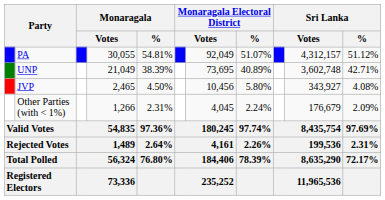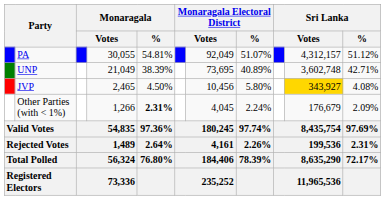 <table class="wikitable">
 <tr>
 <th colspan="2" width="144px"rowspan="2">Party</th>
 <th colspan="3" width="216px">Monaragala</th>
 <th colspan="3" width="216px"><a href='#'>Monaragala Electoral District</a></th>
 <th colspan="3" width="216px">Sri Lanka</th>
 </tr>
 <tr>
 <th colspan="2" width="144px">Votes</th>
 <th>%</th>
 <th colspan="2" width="144px">Votes</th>
 <th>%</th>
 <th colspan="2" width="144px">Votes</th>
 <th>%</th>
 </tr>
 <tr>
 <td style="background-color:blue;" width="10px"></td>
 <td style="text-align:left;"><a href='#'>PA</a></td>
 <td style="background-color:blue;" width="10px"></td>
 <td style="text-align:right;">30,055</td>
 <td style="text-align:right;">54.81%</td>
 <td style="background-color:blue;" width="10px"></td>
 <td style="text-align:right;">92,049</td>
 <td style="text-align:right;">51.07%</td>
 <td style="background-color:blue;" width="10px"></td>
 <td style="text-align:right;">4,312,157</td>
 <td style="text-align:right;">51.12%</td>
 </tr>
 <tr>
 <td style="background-color:green;" width="10px"></td>
 <td style="text-align:left;"><a href='#'>UNP</a></td>
 <td style="background-color:white;" width="10px"></td>
 <td style="text-align:right;">21,049</td>
 <td style="text-align:right;">38.39%</td>
 <td style="background-color:white;" width="10px"></td>
 <td style="text-align:right;">73,695</td>
 <td style="text-align:right;">40.89%</td>
 <td style="background-color:white;" width="10px"></td>
 <td style="text-align:right;">3,602,748</td>
 <td style="text-align:right;">42.71%</td>
 </tr>
 <tr>
 <td style="background-color:red;" width="10px"></td>
 <td style="text-align:left;"><a href='#'>JVP</a></td>
 <td style="background-color:white;" width="10px"></td>
 <td style="text-align:right;">2,465</td>
 <td style="text-align:right;">4.50%</td>
 <td style="background-color:white;" width="10px"></td>
 <td style="text-align:right;">10,456</td>
 <td style="text-align:right;">5.80%</td>
 <td style="background-color:white;" width="10px"></td>
-<td style="text-align:right;">343,927</td>
+<td style="background: gold; text-align:right;">343,927</td>
 <td style="text-align:right;">4.08%</td>
 </tr>
 <tr>
 <td style="background-color:white;" width="10px"></td>
 <td style="text-align:left;">Other Parties (with < 1%)</td>
 <td style="background-color:white;" width="10px"></td>
 <td style="text-align:right;">1,266</td>
-<td style="text-align:right;">2.31%</td>
+<td style="text-align:right;"><strong>2.31%</strong></td>
 <td style="background-color:white;" width="10px"></td>
 <td style="text-align:right;">4,045</td>
 <td style="text-align:right;">2.24%</td>
 <td style="background-color:white;" width="10px"></td>
 <td style="text-align:right;">176,679</td>
 <td style="text-align:right;">2.09%</td>
 </tr>
 <tr>
 <th colspan="2" width="144px"style="text-align:left;">Valid Votes</th>
 <th style="text-align:right;"colspan="2" width="144px">54,835</th>
 <th style="text-align:right;">97.36%</th>
 <th style="text-align:right;"colspan="2" width="144px">180,245</th>
 <th style="text-align:right;">97.74%</th>
 <th style="text-align:right;"colspan="2" width="144px">8,435,754</th>
 <th style="text-align:right;">97.69%</th>
 </tr>
 <tr>
 <th colspan="2" width="144px"style="text-align:left;">Rejected Votes</th>
 <th style="text-align:right;"colspan="2" width="144px">1,489</th>
 <th style="text-align:right;">2.64%</th>
 <th style="text-align:right;"colspan="2" width="144px">4,161</th>
 <th style="text-align:right;">2.26%</th>
 <th style="text-align:right;"colspan="2" width="144px">199,536</th>
 <th style="text-align:right;">2.31%</th>
 </tr>
 <tr>
 <th colspan="2" width="144px"style="text-align:left;">Total Polled</th>
 <th style="text-align:right;"colspan="2" width="144px">56,324</th>
 <th style="text-align:right;">76.80%</th>
 <th style="text-align:right;"colspan="2" width="144px">184,406</th>
 <th style="text-align:right;">78.39%</th>
 <th style="text-align:right;"colspan="2" width="144px">8,635,290</th>
 <th style="text-align:right;">72.17%</th>
 </tr>
 <tr>
 <th colspan="2" width="144px"style="text-align:left;">Registered Electors</th>
 <th style="text-align:right;"colspan="2" width="144px">73,336</th>
 <th></th>
 <th style="text-align:right;"colspan="2" width="144px">235,252</th>
 <th></th>
 <th style="text-align:right;"colspan="2" width="144px">11,965,536</th>
 <th></th>
 </tr>
 </table>
